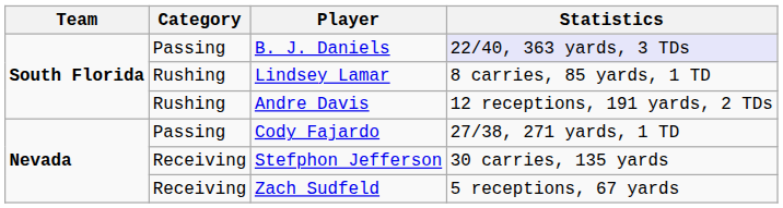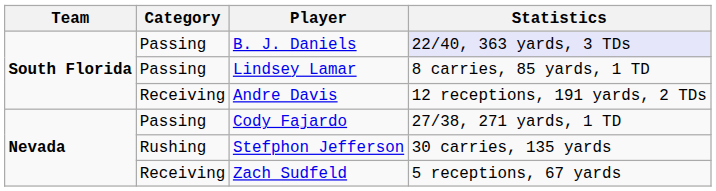 <table class="wikitable" style="float: left;">
 <tr>
 <th>Team</th>
 <th>Category</th>
 <th>Player</th>
 <th>Statistics</th>
 </tr>
 <tr>
 <td rowspan=3><strong>South Florida</strong></td>
 <td>Passing</td>
 <td><a href='#'>B. J. Daniels</a></td>
 <td style="background: lavender;">22/40, 363 yards, 3 TDs</td>
 </tr>
 <tr>
-<td>Rushing</td>
+<td>Passing</td>
 <td><a href='#'>Lindsey Lamar</a></td>
 <td>8 carries, 85 yards, 1 TD</td>
 </tr>
 <tr>
-<td>Rushing</td>
+<td>Receiving</td>
 <td><a href='#'>Andre Davis</a></td>
 <td>12 receptions, 191 yards, 2 TDs</td>
 </tr>
 <tr>
 <td rowspan=3><strong>Nevada</strong></td>
 <td>Passing</td>
 <td><a href='#'>Cody Fajardo</a></td>
 <td>27/38, 271 yards, 1 TD</td>
 </tr>
 <tr>
-<td>Receiving</td>
+<td>Rushing</td>
 <td><a href='#'>Stefphon Jefferson</a></td>
 <td>30 carries, 135 yards</td>
 </tr>
 <tr>
 <td>Receiving</td>
 <td><a href='#'>Zach Sudfeld</a></td>
 <td>5 receptions, 67 yards</td>
 </tr>
 </table>
